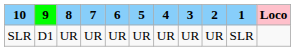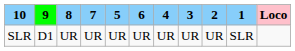 <table class="wikitable plainrowheaders unsortable" style="text-align:center">
 <tr>
 <th scope="col" rowspan="1" style="background:lightskyblue;">10</th>
 <th scope="col" rowspan="1" style="background:lime;">9</th>
 <th scope="col" rowspan="1" style="background:lightskyblue;">8</th>
 <th scope="col" rowspan="1" style="background:lightskyblue;">7</th>
+<th scope="col" rowspan="1" style="background:lightskyblue;">5</th>
 <th scope="col" rowspan="1" style="background:lightskyblue;">6</th>
-<th scope="col" rowspan="1" style="background:lightskyblue;">5</th>
 <th scope="col" rowspan="1" style="background:lightskyblue;">4</th>
 <th scope="col" rowspan="1" style="background:lightskyblue;">3</th>
 <th scope="col" rowspan="1" style="background:lightskyblue;">2</th>
 <th scope="col" rowspan="1" style="background:lightskyblue;">1</th>
 <th scope="col" rowspan="1" style="background:pink;">Loco</th>
 </tr>
 <tr>
 <td>SLR</td>
 <td>D1</td>
 <td>UR</td>
 <td>UR</td>
 <td>UR</td>
 <td>UR</td>
 <td>UR</td>
 <td>UR</td>
 <td>UR</td>
 <td>SLR</td>
 <td></td>
 </tr>
 </table>
